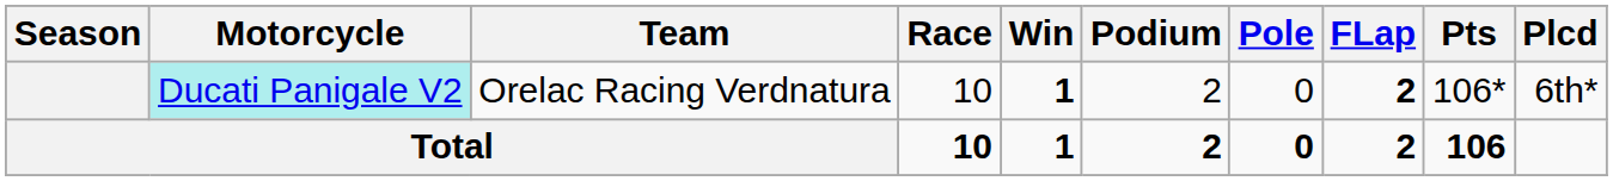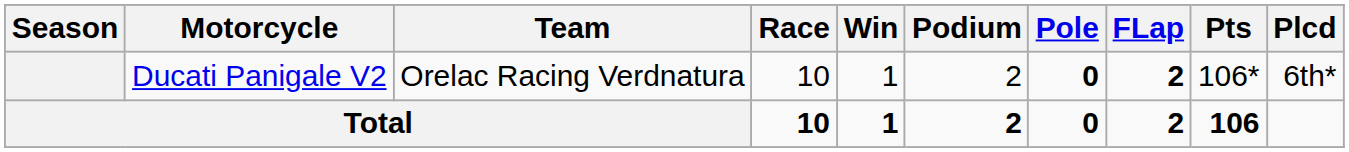 <table class="wikitable" style="text-align:right;">
 <tr>
 <th>Season</th>
 <th>Motorcycle</th>
 <th>Team</th>
 <th>Race</th>
 <th>Win</th>
 <th>Podium</th>
 <th><a href='#'>Pole</a></th>
 <th><a href='#'>FLap</a></th>
 <th>Pts</th>
 <th>Plcd</th>
 </tr>
 <tr>
 <th></th>
-<td style="background: paleturquoise; text-align:left;"><a href='#'>Ducati Panigale V2</a></td>
+<td style="text-align:left;"><a href='#'>Ducati Panigale V2</a></td>
 <td style="text-align:left;">Orelac Racing Verdnatura</td>
 <td>10</td>
-<td><strong>1</strong></td>
+<td>1</td>
 <td>2</td>
-<td>0</td>
+<td><strong>0</strong></td>
 <td><strong>2</strong></td>
 <td>106*</td>
 <td>6th*</td>
 </tr>
 <tr>
 <th colspan="3">Total</th>
 <td><strong>10</strong></td>
 <td><strong>1</strong></td>
 <td><strong>2</strong></td>
 <td><strong>0</strong></td>
 <td><strong>2</strong></td>
 <td><strong>106</strong></td>
 <td></td>
 </tr>
 </table>
